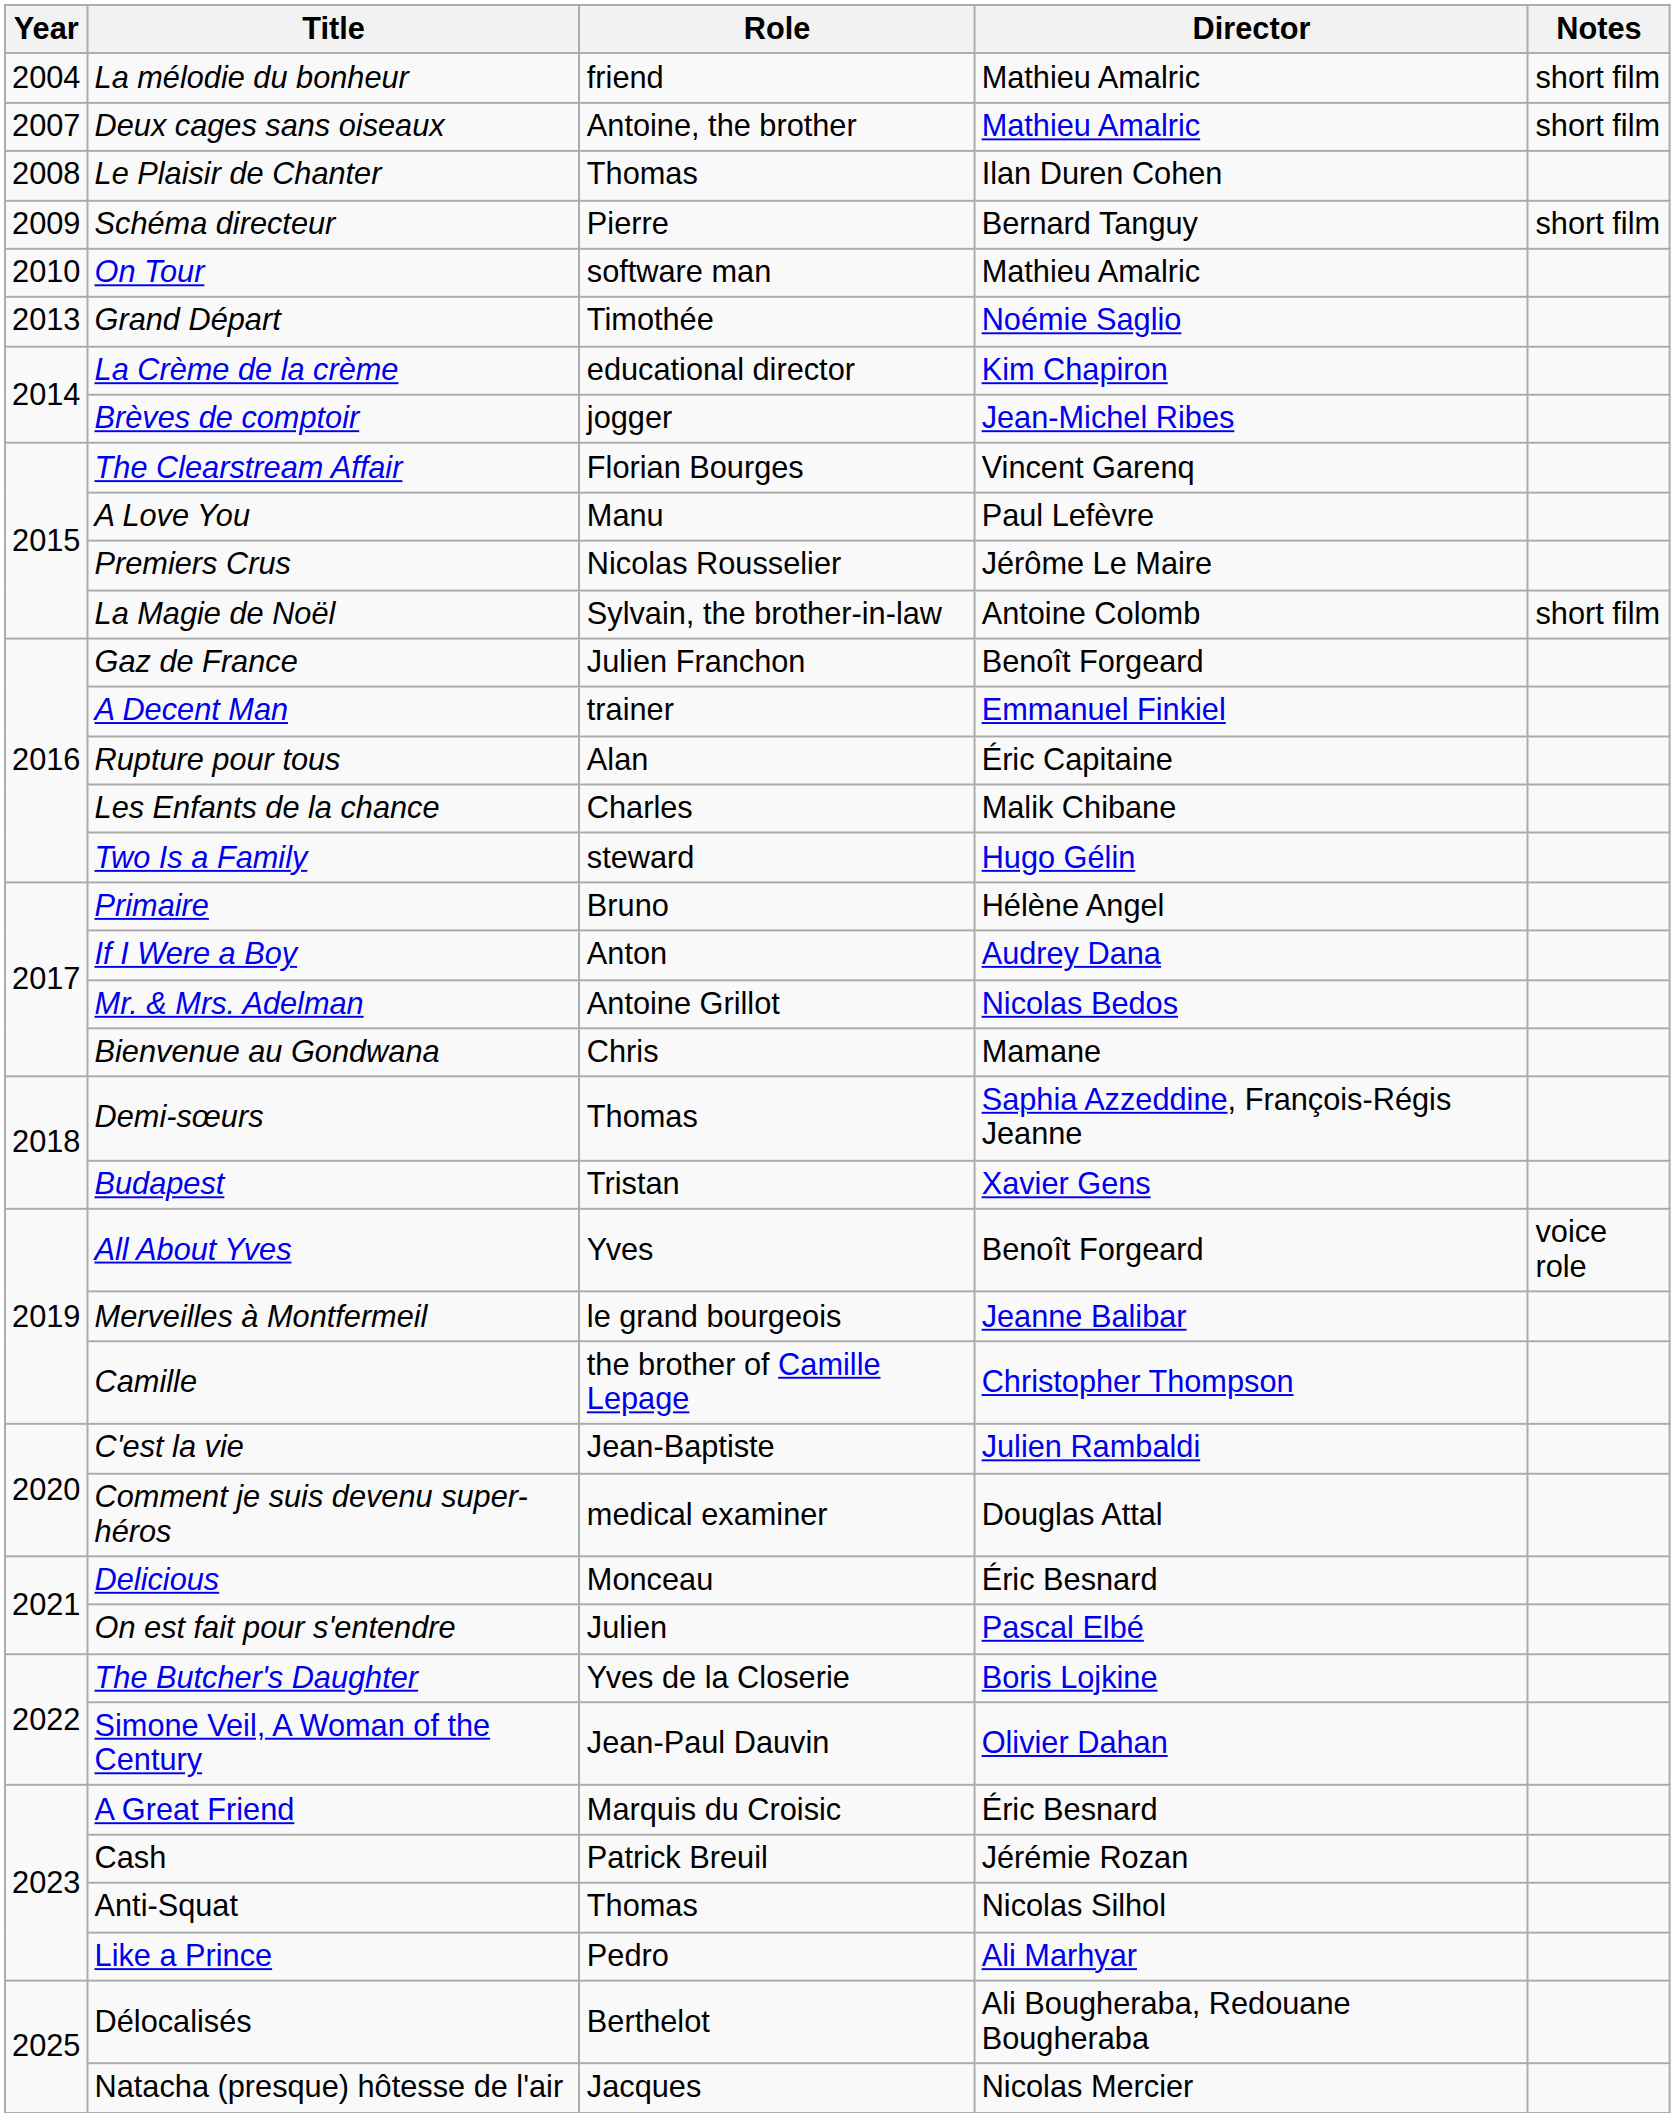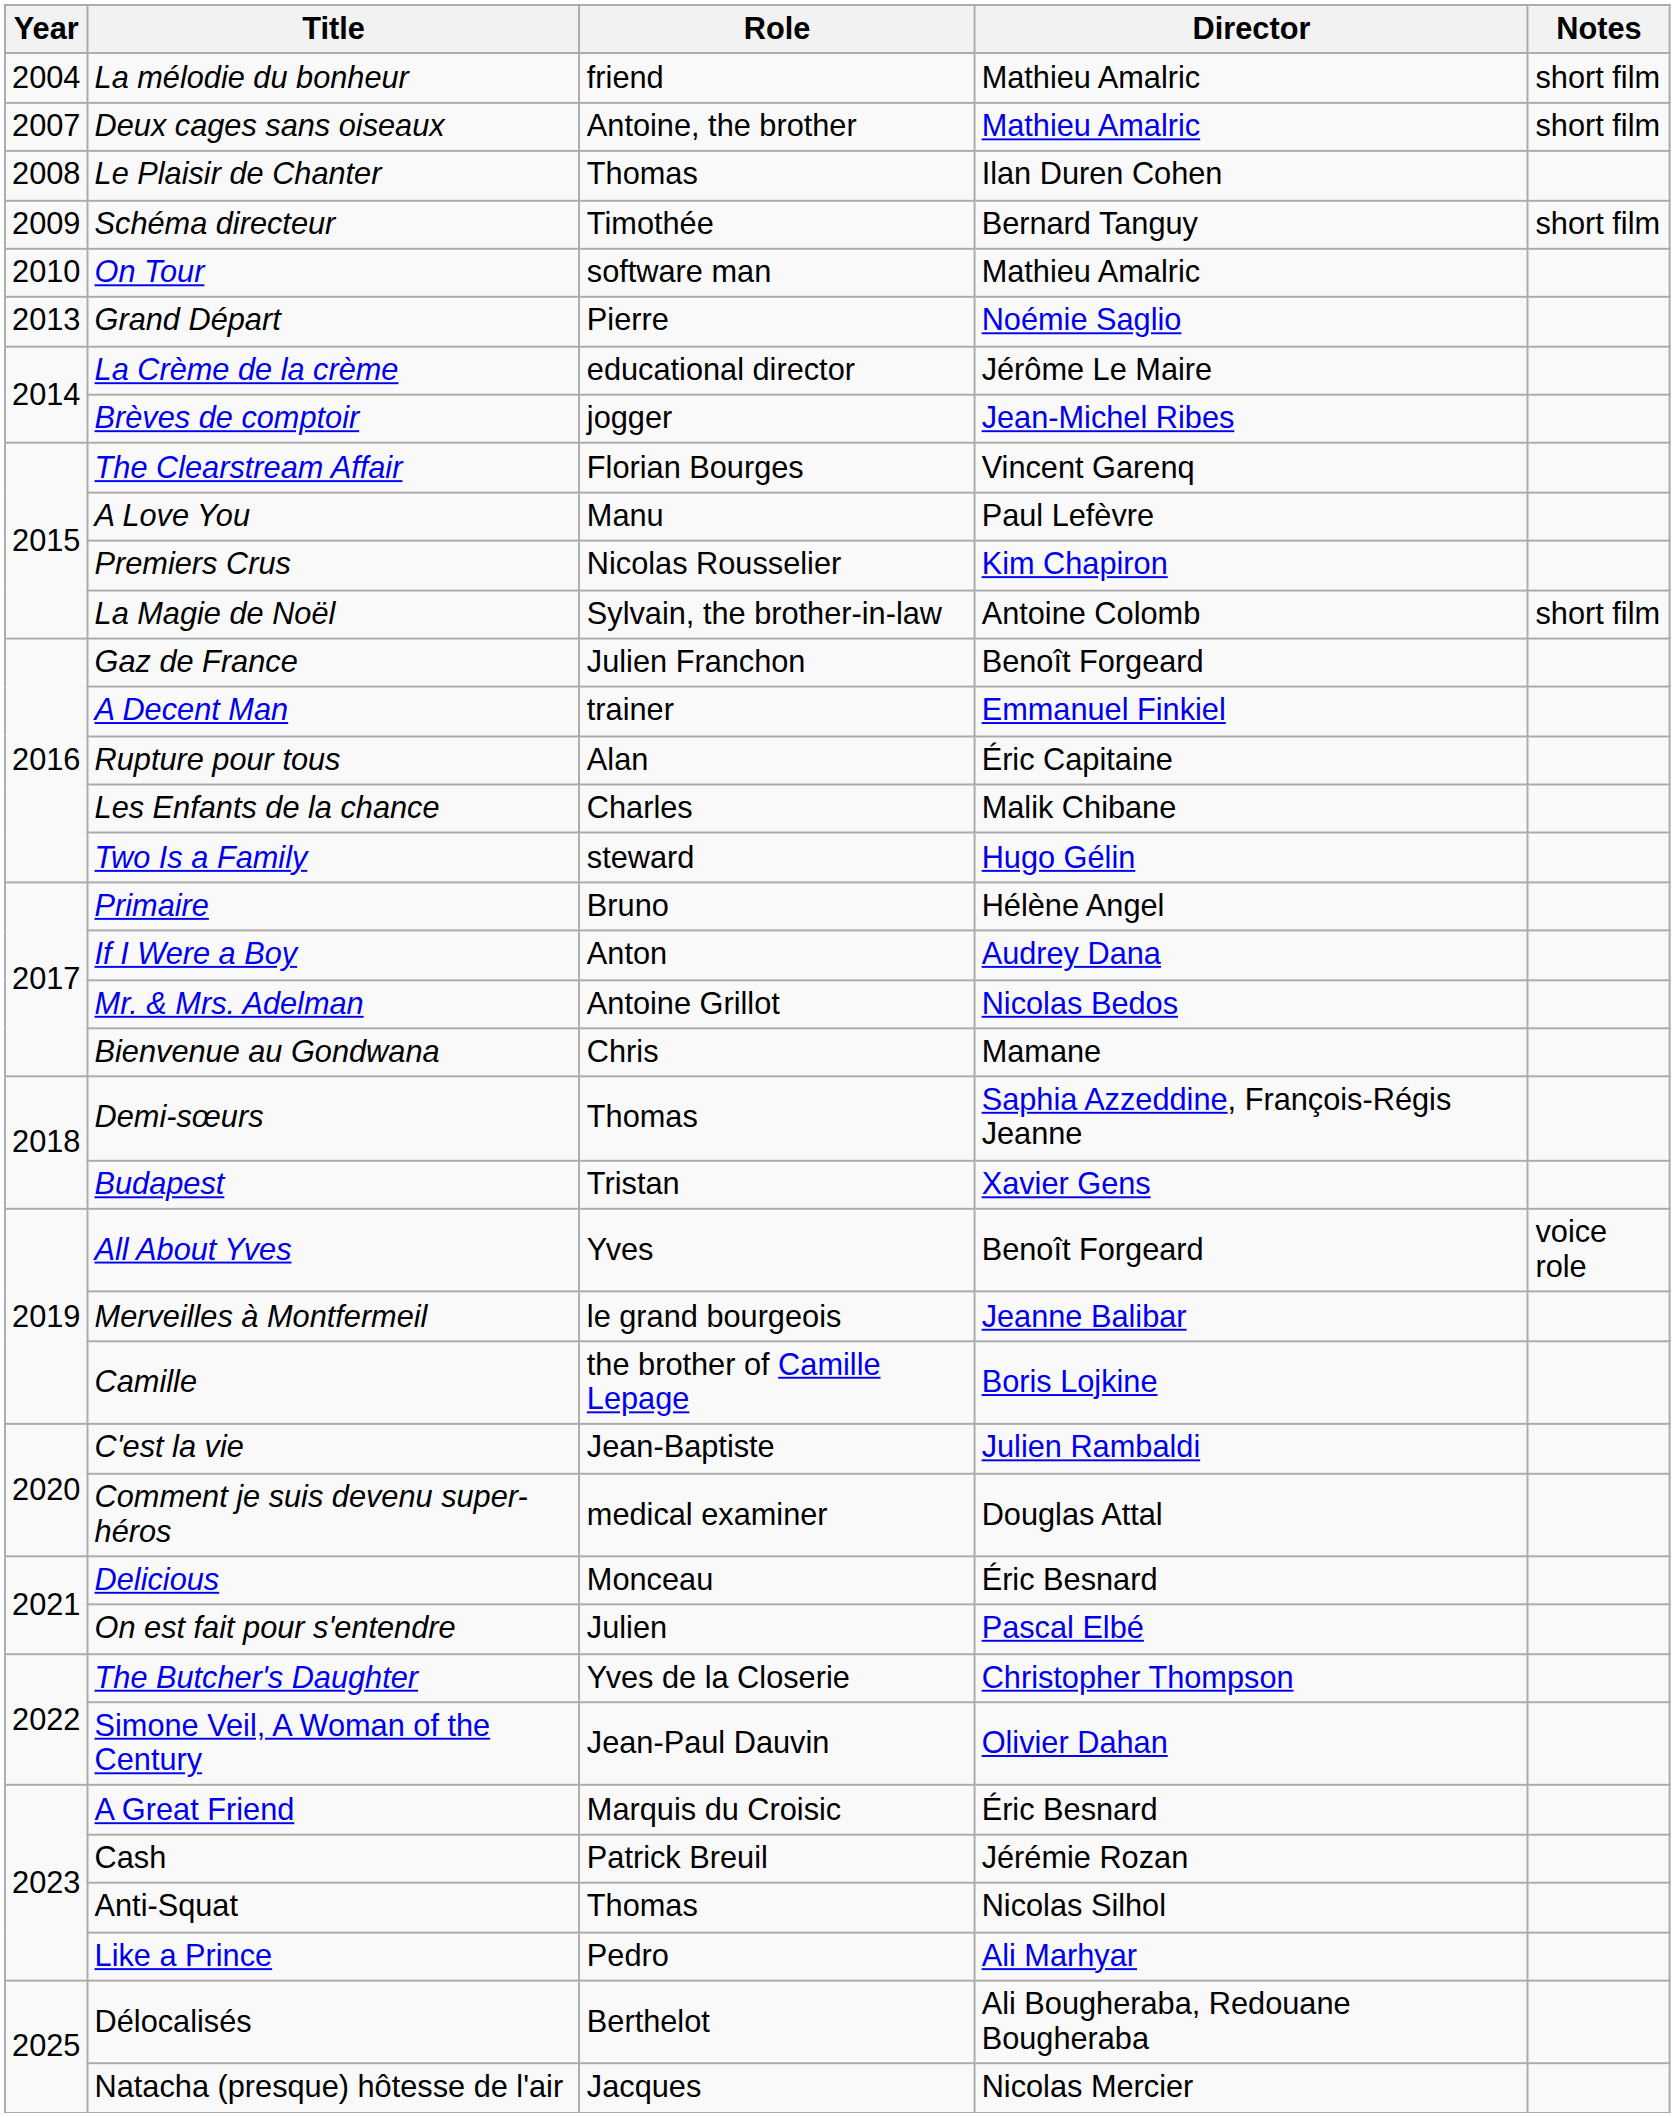 <table class="wikitable sortable">
 <tr>
 <th>Year</th>
 <th>Title</th>
 <th>Role</th>
 <th>Director</th>
 <th>Notes</th>
 </tr>
 <tr>
 <td>2004</td>
 <td><em>La mélodie du bonheur</em></td>
 <td>friend</td>
 <td>Mathieu Amalric</td>
 <td>short film</td>
 </tr>
 <tr>
 <td>2007</td>
 <td><em>Deux cages sans oiseaux</em></td>
 <td>Antoine, the brother</td>
 <td><a href='#'>Mathieu Amalric</a></td>
 <td>short film</td>
 </tr>
 <tr>
 <td>2008</td>
 <td><em>Le Plaisir de Chanter</em></td>
 <td>Thomas</td>
 <td>Ilan Duren Cohen</td>
 <td></td>
 </tr>
 <tr>
 <td>2009</td>
 <td><em>Schéma directeur</em></td>
-<td>Pierre</td>
+<td>Timothée</td>
 <td>Bernard Tanguy</td>
 <td>short film</td>
 </tr>
 <tr>
 <td>2010</td>
 <td><em><a href='#'>On Tour</a></em></td>
 <td>software man</td>
 <td>Mathieu Amalric</td>
 <td></td>
 </tr>
 <tr>
 <td>2013</td>
 <td><em>Grand Départ</em></td>
-<td>Timothée</td>
+<td>Pierre</td>
 <td><a href='#'>Noémie Saglio</a></td>
 <td></td>
 </tr>
 <tr>
 <td rowspan="2">2014</td>
 <td><em><a href='#'>La Crème de la crème</a></em></td>
 <td>educational director</td>
-<td><a href='#'>Kim Chapiron</a></td>
+<td>Jérôme Le Maire</td>
 <td></td>
 </tr>
 <tr>
 <td><em><a href='#'>Brèves de comptoir</a></em></td>
 <td>jogger</td>
 <td><a href='#'>Jean-Michel Ribes</a></td>
 <td></td>
 </tr>
 <tr>
 <td rowspan="4">2015</td>
 <td><em><a href='#'>The Clearstream Affair</a></em></td>
 <td>Florian Bourges</td>
 <td>Vincent Garenq</td>
 <td></td>
 </tr>
 <tr>
 <td><em>A Love You</em></td>
 <td>Manu</td>
 <td>Paul Lefèvre</td>
 <td></td>
 </tr>
 <tr>
 <td><em>Premiers Crus</em></td>
 <td>Nicolas Rousselier</td>
-<td>Jérôme Le Maire</td>
+<td><a href='#'>Kim Chapiron</a></td>
 <td></td>
 </tr>
 <tr>
 <td><em>La Magie de Noël</em></td>
 <td>Sylvain, the brother-in-law</td>
 <td>Antoine Colomb</td>
 <td>short film</td>
 </tr>
 <tr>
 <td rowspan="5">2016</td>
 <td><em>Gaz de France</em></td>
 <td>Julien Franchon</td>
 <td>Benoît Forgeard</td>
 <td></td>
 </tr>
 <tr>
 <td><em><a href='#'>A Decent Man</a></em></td>
 <td>trainer</td>
 <td><a href='#'>Emmanuel Finkiel</a></td>
 <td></td>
 </tr>
 <tr>
 <td><em>Rupture pour tous</em></td>
 <td>Alan</td>
 <td>Éric Capitaine</td>
 <td></td>
 </tr>
 <tr>
 <td><em>Les Enfants de la chance</em></td>
 <td>Charles</td>
 <td>Malik Chibane</td>
 <td></td>
 </tr>
 <tr>
 <td><em><a href='#'>Two Is a Family</a></em></td>
 <td>steward</td>
 <td><a href='#'>Hugo Gélin</a></td>
 <td></td>
 </tr>
 <tr>
 <td rowspan="4">2017</td>
 <td><em><a href='#'>Primaire</a></em></td>
 <td>Bruno</td>
 <td>Hélène Angel</td>
 <td></td>
 </tr>
 <tr>
 <td><em><a href='#'>If I Were a Boy</a></em></td>
 <td>Anton</td>
 <td><a href='#'>Audrey Dana</a></td>
 <td></td>
 </tr>
 <tr>
 <td><em><a href='#'>Mr. & Mrs. Adelman</a></em></td>
 <td>Antoine Grillot</td>
 <td><a href='#'>Nicolas Bedos</a></td>
 <td></td>
 </tr>
 <tr>
 <td><em>Bienvenue au Gondwana</em></td>
 <td>Chris</td>
 <td>Mamane</td>
 <td></td>
 </tr>
 <tr>
 <td rowspan="2">2018</td>
 <td><em>Demi-sœurs</em></td>
 <td>Thomas</td>
 <td><a href='#'>Saphia Azzeddine</a>, François-Régis Jeanne</td>
 <td></td>
 </tr>
 <tr>
 <td><em><a href='#'>Budapest</a></em></td>
 <td>Tristan</td>
 <td><a href='#'>Xavier Gens</a></td>
 <td></td>
 </tr>
 <tr>
 <td rowspan="3">2019</td>
 <td><em><a href='#'>All About Yves</a></em></td>
 <td>Yves</td>
 <td>Benoît Forgeard</td>
 <td>voice role</td>
 </tr>
 <tr>
 <td><em>Merveilles à Montfermeil</em></td>
 <td>le grand bourgeois</td>
 <td><a href='#'>Jeanne Balibar</a></td>
 <td></td>
 </tr>
 <tr>
 <td><em>Camille</em></td>
 <td>the brother of <a href='#'>Camille Lepage</a></td>
-<td><a href='#'>Christopher Thompson</a></td>
+<td><a href='#'>Boris Lojkine</a></td>
 <td></td>
 </tr>
 <tr>
 <td rowspan="2">2020</td>
 <td><em>C'est la vie</em></td>
 <td>Jean-Baptiste</td>
 <td><a href='#'>Julien Rambaldi</a></td>
 <td></td>
 </tr>
 <tr>
 <td><em>Comment je suis devenu super-héros</em></td>
 <td>medical examiner</td>
 <td>Douglas Attal</td>
 <td></td>
 </tr>
 <tr>
 <td rowspan="2">2021</td>
 <td><em><a href='#'>Delicious</a></em></td>
 <td>Monceau</td>
 <td>Éric Besnard</td>
 <td></td>
 </tr>
 <tr>
 <td><em>On est fait pour s'entendre</em></td>
 <td>Julien</td>
 <td><a href='#'>Pascal Elbé</a></td>
 <td></td>
 </tr>
 <tr>
 <td rowspan="2">2022</td>
 <td><em><a href='#'>The Butcher's Daughter</a></td>
 <td>Yves de la Closerie</td>
-<td><a href='#'>Boris Lojkine</a></td>
+<td><a href='#'>Christopher Thompson</a></td>
 <td></td>
 </tr>
 <tr>
 <td></em><a href='#'>Simone Veil, A Woman of the Century</a><em></td>
 <td>Jean-Paul Dauvin</td>
 <td><a href='#'>Olivier Dahan</a></td>
 <td></td>
 </tr>
 <tr>
 <td rowspan="4">2023</td>
 <td></em><a href='#'>A Great Friend</a><em></td>
 <td>Marquis du Croisic</td>
 <td>Éric Besnard</td>
 <td></td>
 </tr>
 <tr>
 <td></em>Cash<em></td>
 <td>Patrick Breuil</td>
 <td>Jérémie Rozan</td>
 <td></td>
 </tr>
 <tr>
 <td></em>Anti-Squat<em></td>
 <td>Thomas</td>
 <td>Nicolas Silhol</td>
 <td></td>
 </tr>
 <tr>
 <td></em><a href='#'>Like a Prince</a><em></td>
 <td>Pedro</td>
 <td><a href='#'>Ali Marhyar</a></td>
 <td></td>
 </tr>
 <tr>
 <td rowspan="2">2025</td>
 <td></em>Délocalisés<em></td>
 <td>Berthelot</td>
 <td>Ali Bougheraba, Redouane Bougheraba</td>
 <td></td>
 </tr>
 <tr>
 <td></em>Natacha (presque) hôtesse de l'air<em></td>
 <td>Jacques</td>
 <td>Nicolas Mercier</td>
 <td></td>
 </tr>
 <tr>
 </tr>
 </table>
